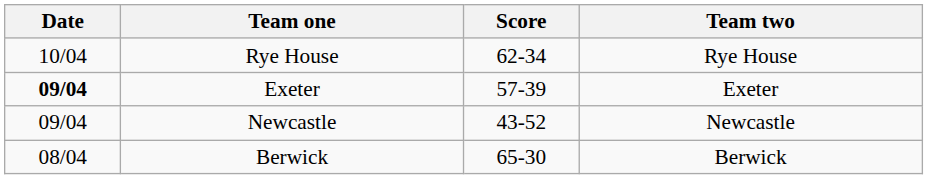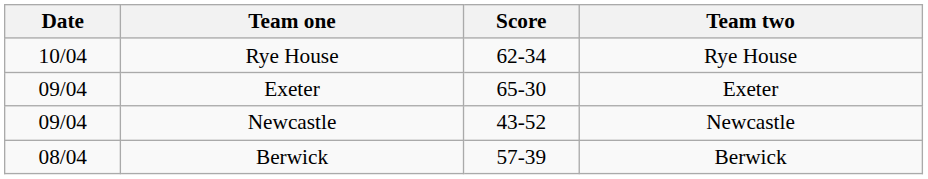 <table class="wikitable" style="text-align: center">
 <tr>
 <th width=80>Date</th>
 <th width=250>Team one</th>
 <th width=80>Score</th>
 <th width=250>Team two</th>
 </tr>
 <tr>
 <td>10/04</td>
 <td>Rye House</td>
 <td>62-34</td>
 <td>Rye House</td>
 </tr>
 <tr>
-<td><strong>09/04</strong></td>
+<td>09/04</td>
 <td>Exeter</td>
-<td>57-39</td>
+<td>65-30</td>
 <td>Exeter</td>
 </tr>
 <tr>
 <td>09/04</td>
 <td>Newcastle</td>
 <td>43-52</td>
 <td>Newcastle</td>
 </tr>
 <tr>
 <td>08/04</td>
 <td>Berwick</td>
-<td>65-30</td>
+<td>57-39</td>
 <td>Berwick</td>
 </tr>
 </table>
